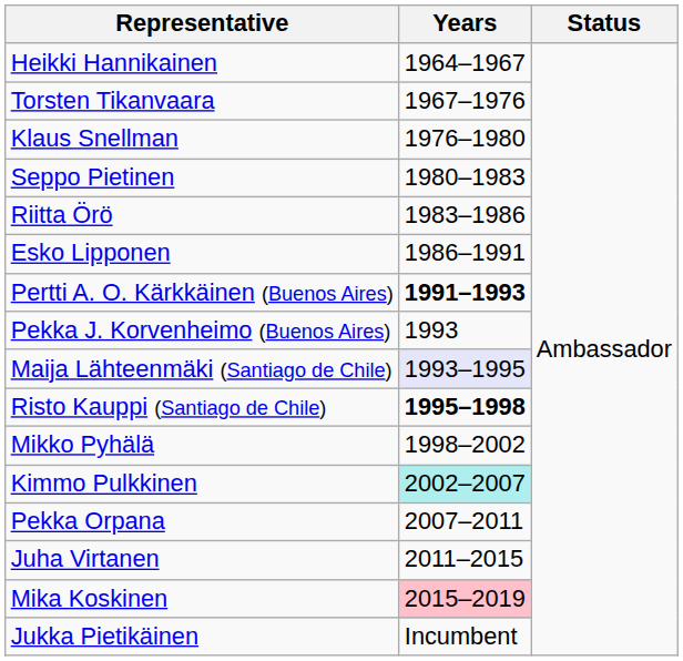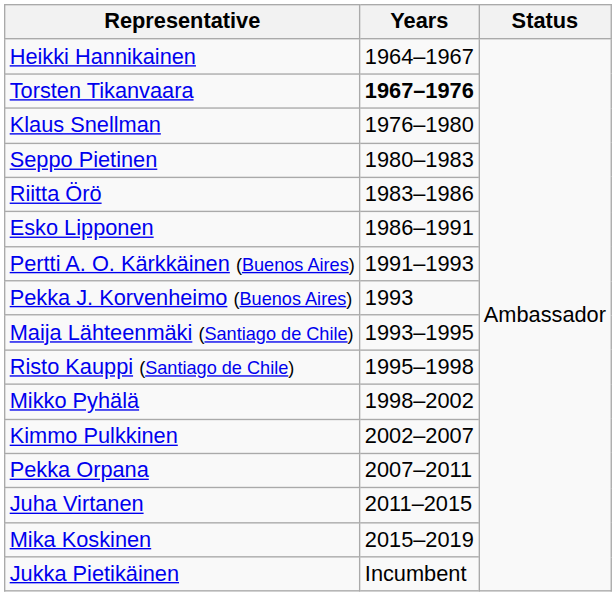 <table class="wikitable sortable">
 <tr>
 <th>Representative</th>
 <th>Years</th>
 <th>Status</th>
 </tr>
 <tr>
 <td><a href='#'>Heikki Hannikainen</a></td>
 <td>1964–1967</td>
 <td rowspan="16">Ambassador</td>
 </tr>
 <tr>
 <td><a href='#'>Torsten Tikanvaara</a></td>
-<td>1967–1976</td>
+<td><strong>1967–1976</strong></td>
 </tr>
 <tr>
 <td><a href='#'>Klaus Snellman</a></td>
 <td>1976–1980</td>
 </tr>
 <tr>
 <td><a href='#'>Seppo Pietinen</a></td>
 <td>1980–1983</td>
 </tr>
 <tr>
 <td><a href='#'>Riitta Örö</a></td>
 <td>1983–1986</td>
 </tr>
 <tr>
 <td><a href='#'>Esko Lipponen</a></td>
 <td>1986–1991</td>
 </tr>
 <tr>
 <td><a href='#'>Pertti A. O. Kärkkäinen</a> <small>(<a href='#'>Buenos Aires</a>)</small></td>
-<td><strong>1991–1993</strong></td>
+<td>1991–1993</td>
 </tr>
 <tr>
 <td><a href='#'>Pekka J. Korvenheimo</a> <small>(<a href='#'>Buenos Aires</a>)</small></td>
 <td>1993</td>
 </tr>
 <tr>
 <td><a href='#'>Maija Lähteenmäki</a> <small>(<a href='#'>Santiago de Chile</a>)</small></td>
-<td style="background: lavender;">1993–1995</td>
+<td>1993–1995</td>
 </tr>
 <tr>
 <td><a href='#'>Risto Kauppi</a> <small>(<a href='#'>Santiago de Chile</a>)</small></td>
-<td><strong>1995–1998</strong></td>
+<td>1995–1998</td>
 </tr>
 <tr>
 <td><a href='#'>Mikko Pyhälä</a></td>
 <td>1998–2002</td>
 </tr>
 <tr>
 <td><a href='#'>Kimmo Pulkkinen</a></td>
-<td style="background: paleturquoise;">2002–2007</td>
+<td>2002–2007</td>
 </tr>
 <tr>
 <td><a href='#'>Pekka Orpana</a></td>
 <td>2007–2011</td>
 </tr>
 <tr>
 <td><a href='#'>Juha Virtanen</a></td>
 <td>2011–2015</td>
 </tr>
 <tr>
 <td><a href='#'>Mika Koskinen</a></td>
-<td style="background: pink;">2015–2019</td>
+<td>2015–2019</td>
 </tr>
 <tr>
 <td><a href='#'>Jukka Pietikäinen</a></td>
 <td>Incumbent</td>
 </tr>
 </table>
